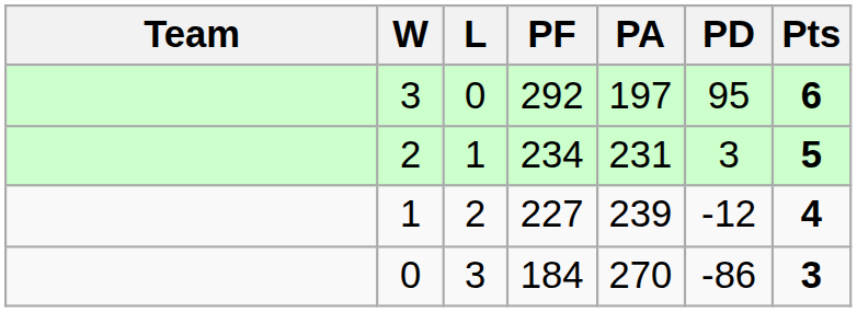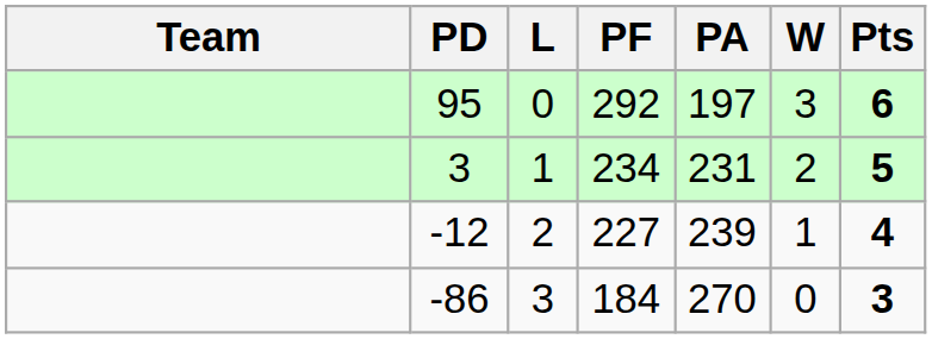 <table class="wikitable" style="text-align:center;">
 <tr>
 <th width=150>Team</th>
-<th width=20>W</th>
+<th width=30>PD</th>
 <th width=20>L</th>
 <th width=30>PF</th>
 <th width=30>PA</th>
-<th width=30>PD</th>
+<th width=20>W</th>
 <th width=20>Pts</th>
 </tr>
 <tr bgcolor="#ccffcc">
 <td align="left"></td>
-<td>3</td>
+<td>95</td>
 <td>0</td>
 <td>292</td>
 <td>197</td>
-<td>95</td>
+<td>3</td>
 <td><strong>6</strong></td>
 </tr>
 <tr bgcolor="#ccffcc">
 <td align="left"></td>
-<td>2</td>
+<td>3</td>
 <td>1</td>
 <td>234</td>
 <td>231</td>
-<td>3</td>
+<td>2</td>
 <td><strong>5</strong></td>
 </tr>
 <tr>
 <td align="left"></td>
-<td>1</td>
+<td>-12</td>
 <td>2</td>
 <td>227</td>
 <td>239</td>
-<td>-12</td>
+<td>1</td>
 <td><strong>4</strong></td>
 </tr>
 <tr>
 <td align="left"></td>
-<td>0</td>
+<td>-86</td>
 <td>3</td>
 <td>184</td>
 <td>270</td>
-<td>-86</td>
+<td>0</td>
 <td><strong>3</strong></td>
 </tr>
 </table>
